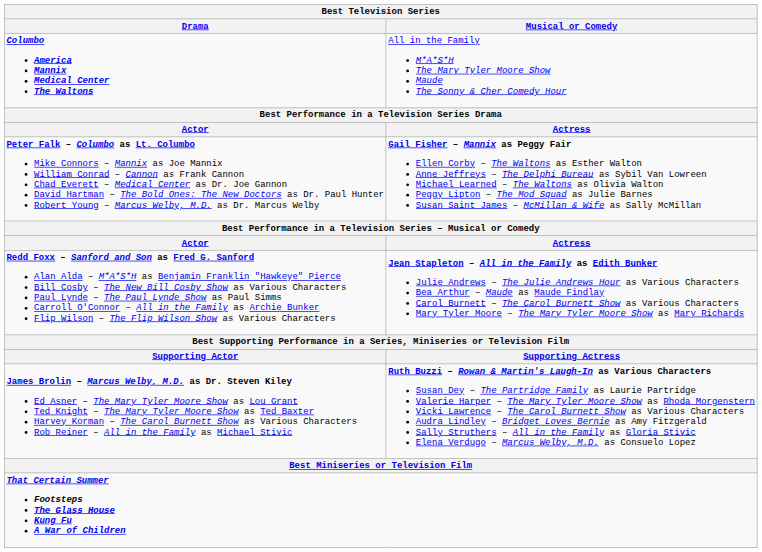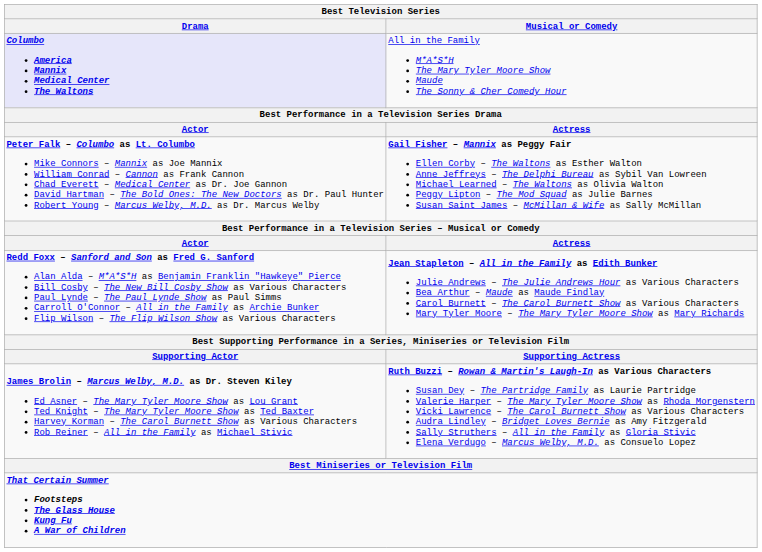 <table class="wikitable">
 <tr>
 <th colspan="2">Best Television Series</th>
 </tr>
 <tr>
 <th><a href='#'>Drama</a></th>
 <th><a href='#'>Musical or Comedy</a></th>
 </tr>
 <tr>
-<td><strong> <em><a href='#'>Columbo</a><strong><em><br><ul><li></em><a href='#'>America</a><em></li><li></em><a href='#'>Mannix</a><em></li><li></em><a href='#'>Medical Center</a><em></li><li></em><a href='#'>The Waltons</a><em></li></ul></td>
+<td style="background: lavender;"><strong> <em><a href='#'>Columbo</a><strong><em><br><ul><li></em><a href='#'>America</a><em></li><li></em><a href='#'>Mannix</a><em></li><li></em><a href='#'>Medical Center</a><em></li><li></em><a href='#'>The Waltons</a><em></li></ul></td>
 <td></strong> </em><a href='#'>All in the Family</a></em></strong><br><ul><li><em><a href='#'>M*A*S*H</a></em></li><li><em><a href='#'>The Mary Tyler Moore Show</a></em></li><li><em><a href='#'>Maude</a></em></li><li><em><a href='#'>The Sonny & Cher Comedy Hour</a></em></li></ul></td>
 </tr>
 <tr>
 <th colspan="2">Best Performance in a Television Series  Drama</th>
 </tr>
 <tr>
 <th><a href='#'>Actor</a></th>
 <th><a href='#'>Actress</a></th>
 </tr>
 <tr>
 <td><strong> <a href='#'>Peter Falk</a> –  <em><a href='#'>Columbo</a></em> as <a href='#'>Lt. Columbo</a></strong><br><ul><li><a href='#'>Mike Connors</a> –  <em><a href='#'>Mannix</a></em> as Joe Mannix</li><li><a href='#'>William Conrad</a> –  <em><a href='#'>Cannon</a></em> as Frank Cannon</li><li><a href='#'>Chad Everett</a> –  <em><a href='#'>Medical Center</a></em> as Dr. Joe Gannon</li><li><a href='#'>David Hartman</a> –  <em><a href='#'>The Bold Ones: The New Doctors</a></em> as Dr. Paul Hunter</li><li><a href='#'>Robert Young</a> –  <em><a href='#'>Marcus Welby, M.D.</a></em> as Dr. Marcus Welby</li></ul></td>
 <td><strong> <a href='#'>Gail Fisher</a> –  <em><a href='#'>Mannix</a></em> as Peggy Fair</strong><br><ul><li><a href='#'>Ellen Corby</a> –  <em><a href='#'>The Waltons</a></em> as Esther Walton</li><li><a href='#'>Anne Jeffreys</a> –  <em><a href='#'>The Delphi Bureau</a></em> as Sybil Van Lowreen</li><li><a href='#'>Michael Learned</a> –  <em><a href='#'>The Waltons</a></em> as Olivia Walton</li><li><a href='#'>Peggy Lipton</a> –  <em><a href='#'>The Mod Squad</a></em> as Julie Barnes</li><li><a href='#'>Susan Saint James</a> –  <em><a href='#'>McMillan & Wife</a></em> as Sally McMillan</li></ul></td>
 </tr>
 <tr>
 <th colspan="2">Best Performance in a Television Series – Musical or Comedy</th>
 </tr>
 <tr>
 <th><a href='#'>Actor</a></th>
 <th><a href='#'>Actress</a></th>
 </tr>
 <tr>
 <td><strong> <a href='#'>Redd Foxx</a> –  <em><a href='#'>Sanford and Son</a></em> as <a href='#'>Fred G. Sanford</a></strong><br><ul><li><a href='#'>Alan Alda</a> –  <em><a href='#'>M*A*S*H</a></em> as <a href='#'>Benjamin Franklin "Hawkeye" Pierce</a></li><li><a href='#'>Bill Cosby</a> –  <em><a href='#'>The New Bill Cosby Show</a></em> as Various Characters</li><li><a href='#'>Paul Lynde</a> –  <em><a href='#'>The Paul Lynde Show</a></em> as Paul Simms</li><li><a href='#'>Carroll O'Connor</a> –  <em><a href='#'>All in the Family</a></em> as <a href='#'>Archie Bunker</a></li><li><a href='#'>Flip Wilson</a> –  <em><a href='#'>The Flip Wilson Show</a></em> as Various Characters</li></ul></td>
 <td><strong> <a href='#'>Jean Stapleton</a> –  <em><a href='#'>All in the Family</a></em> as <a href='#'>Edith Bunker</a></strong><br><ul><li><a href='#'>Julie Andrews</a> –  <em><a href='#'>The Julie Andrews Hour</a></em> as Various Characters</li><li><a href='#'>Bea Arthur</a> –  <em><a href='#'>Maude</a></em> as <a href='#'>Maude Findlay</a></li><li><a href='#'>Carol Burnett</a> –  <em><a href='#'>The Carol Burnett Show</a></em> as Various Characters</li><li><a href='#'>Mary Tyler Moore</a> –  <em><a href='#'>The Mary Tyler Moore Show</a></em> as <a href='#'>Mary Richards</a></li></ul></td>
 </tr>
 <tr>
 <th colspan="2">Best Supporting Performance in a Series, Miniseries or Television Film</th>
 </tr>
 <tr>
 <th><a href='#'>Supporting Actor</a></th>
 <th><a href='#'>Supporting Actress</a></th>
 </tr>
 <tr>
 <td><strong> <a href='#'>James Brolin</a> –  <em><a href='#'>Marcus Welby, M.D.</a></em> as Dr. Steven Kiley</strong><br><ul><li><a href='#'>Ed Asner</a> –  <em><a href='#'>The Mary Tyler Moore Show</a></em> as <a href='#'>Lou Grant</a></li><li><a href='#'>Ted Knight</a> –  <em><a href='#'>The Mary Tyler Moore Show</a></em> as <a href='#'>Ted Baxter</a></li><li><a href='#'>Harvey Korman</a> –  <em><a href='#'>The Carol Burnett Show</a></em> as Various Characters</li><li><a href='#'>Rob Reiner</a> –  <em><a href='#'>All in the Family</a></em> as <a href='#'>Michael Stivic</a></li></ul></td>
 <td><strong><a href='#'>Ruth Buzzi</a> –  <em><a href='#'>Rowan & Martin's Laugh-In</a></em> as Various Characters</strong><br><ul><li><a href='#'>Susan Dey</a> –  <em><a href='#'>The Partridge Family</a></em> as Laurie Partridge</li><li><a href='#'>Valerie Harper</a> –  <em><a href='#'>The Mary Tyler Moore Show</a></em> as <a href='#'>Rhoda Morgenstern</a></li><li><a href='#'>Vicki Lawrence</a> –  <em><a href='#'>The Carol Burnett Show</a></em> as Various Characters</li><li><a href='#'>Audra Lindley</a> –  <em><a href='#'>Bridget Loves Bernie</a></em> as Amy Fitzgerald</li><li><a href='#'>Sally Struthers</a> –  <em><a href='#'>All in the Family</a></em> as <a href='#'>Gloria Stivic</a></li><li><a href='#'>Elena Verdugo</a> –  <em><a href='#'>Marcus Welby, M.D.</a></em> as Consuelo Lopez</li></ul></td>
 </tr>
 <tr>
 <th colspan="2"><a href='#'>Best Miniseries or Television Film</a></th>
 </tr>
 <tr>
 <td colspan="2"><strong> <em><a href='#'>That Certain Summer</a><strong><em><br><ul><li></em>Footsteps<em></li><li></em><a href='#'>The Glass House</a><em></li><li></em><a href='#'>Kung Fu</a><em></li><li></em><a href='#'>A War of Children</a><em></li></ul></td>
 </tr>
 </table>
